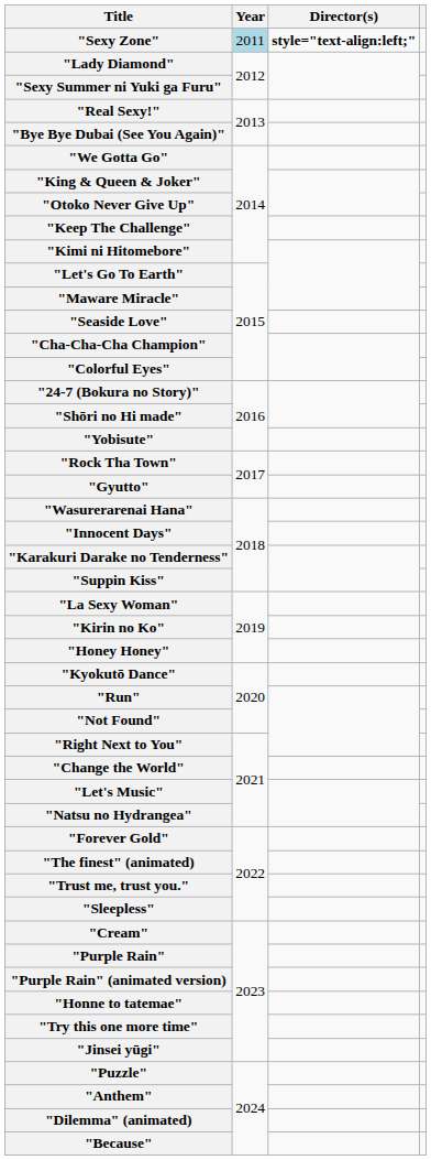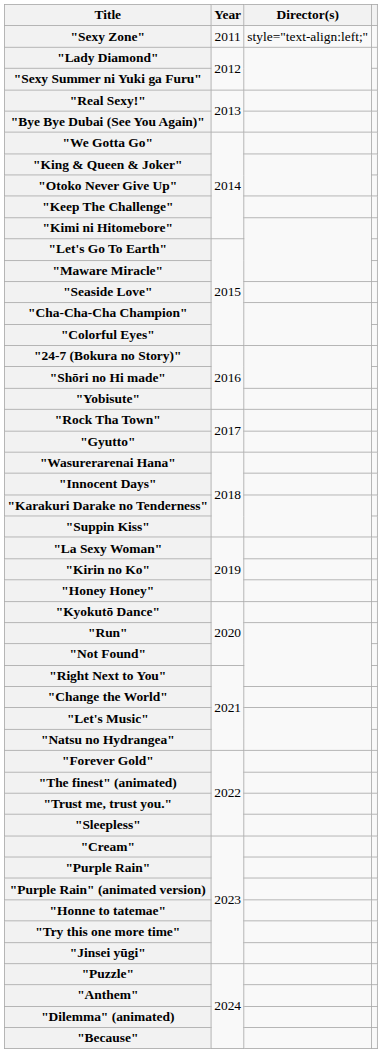 <table class="wikitable plainrowheaders sortable" style="text-align:center;" border="1">
 <tr>
 <th scope="col">Title</th>
 <th scope="col">Year</th>
 <th scope="col">Director(s)</th>
 <th scope="col"></th>
 </tr>
 <tr>
 <th scope="row">"Sexy Zone"</th>
-<td style="background: lightblue; text-align:center;">2011</td>
-<td><strong>style="text-align:left;" </strong></td>
+<td style="text-align:center;">2011</td>
+<td>style="text-align:left;" </td>
 <td></td>
 </tr>
 <tr>
 <th scope="row">"Lady Diamond"</th>
 <td style="text-align:center;" rowspan="2">2012</td>
 <td style="text-align:left;" rowspan="2"></td>
 <td></td>
 </tr>
 <tr>
 <th scope="row">"Sexy Summer ni Yuki ga Furu"</th>
 <td></td>
 </tr>
 <tr>
 <th scope="row">"Real Sexy!"</th>
 <td style="text-align:center;" rowspan="2">2013</td>
 <td style="text-align:left;"></td>
 <td></td>
 </tr>
 <tr>
 <th scope="row">"Bye Bye Dubai (See You Again)"</th>
 <td style="text-align:left;"></td>
 <td></td>
 </tr>
 <tr>
 <th scope="row">"We Gotta Go"</th>
 <td style="text-align:center;" rowspan="5">2014</td>
 <td style="text-align:left;"></td>
 <td></td>
 </tr>
 <tr>
 <th scope="row">"King & Queen & Joker"</th>
 <td style="text-align:left;" rowspan="2"></td>
 <td></td>
 </tr>
 <tr>
 <th scope="row">"Otoko Never Give Up"</th>
 <td></td>
 </tr>
 <tr>
 <th scope="row">"Keep The Challenge"</th>
 <td style="text-align:left;"></td>
 <td></td>
 </tr>
 <tr>
 <th scope="row">"Kimi ni Hitomebore"</th>
 <td style="text-align:left;" rowspan="3"></td>
 <td></td>
 </tr>
 <tr>
 <th scope="row">"Let's Go To Earth"</th>
 <td style="text-align:center;" rowspan="5">2015</td>
 <td></td>
 </tr>
 <tr>
 <th scope="row">"Maware Miracle"</th>
 <td></td>
 </tr>
 <tr>
 <th scope="row">"Seaside Love"</th>
 <td style="text-align:left;"></td>
 <td></td>
 </tr>
 <tr>
 <th scope="row">"Cha-Cha-Cha Champion"</th>
 <td style="text-align:left;" rowspan="2"></td>
 <td></td>
 </tr>
 <tr>
 <th scope="row">"Colorful Eyes"</th>
 <td></td>
 </tr>
 <tr>
 <th scope="row">"24-7 (Bokura no Story)"</th>
 <td style="text-align:center;" rowspan="3">2016</td>
 <td style="text-align:left;" rowspan="2"></td>
 <td></td>
 </tr>
 <tr>
 <th scope="row">"Shōri no Hi made"</th>
 <td></td>
 </tr>
 <tr>
 <th scope="row">"Yobisute"</th>
 <td style="text-align:left;"></td>
 <td></td>
 </tr>
 <tr>
 <th scope="row">"Rock Tha Town"</th>
 <td style="text-align:center;" rowspan="2">2017</td>
 <td style="text-align:left;"></td>
 <td></td>
 </tr>
 <tr>
 <th scope="row">"Gyutto"</th>
 <td style="text-align:left;"></td>
 <td></td>
 </tr>
 <tr>
 <th scope="row">"Wasurerarenai Hana"</th>
 <td style="text-align:center;" rowspan="4">2018</td>
 <td style="text-align:left;"></td>
 <td></td>
 </tr>
 <tr>
 <th scope="row">"Innocent Days"</th>
 <td style="text-align:left;"></td>
 <td></td>
 </tr>
 <tr>
 <th scope="row">"Karakuri Darake no Tenderness"</th>
 <td style="text-align:left;" rowspan="2"></td>
 <td></td>
 </tr>
 <tr>
 <th scope="row">"Suppin Kiss"</th>
 <td></td>
 </tr>
 <tr>
 <th scope="row">"La Sexy Woman"</th>
 <td style="text-align:center;" rowspan="3">2019</td>
 <td style="text-align:left;"></td>
 <td></td>
 </tr>
 <tr>
 <th scope="row">"Kirin no Ko"</th>
 <td style="text-align:left;"></td>
 <td></td>
 </tr>
 <tr>
 <th scope="row">"Honey Honey"</th>
 <td style="text-align:left;"></td>
 <td></td>
 </tr>
 <tr>
 <th scope="row">"Kyokutō Dance"</th>
 <td style="text-align:center;" rowspan="3">2020</td>
 <td style="text-align:left;"></td>
 <td></td>
 </tr>
 <tr>
 <th scope="row">"Run"</th>
 <td style="text-align:left;" rowspan="3"></td>
 <td></td>
 </tr>
 <tr>
 <th scope="row">"Not Found"</th>
 <td></td>
 </tr>
 <tr>
 <th scope="row">"Right Next to You"</th>
 <td style="text-align:center;" rowspan="4">2021</td>
 <td></td>
 </tr>
 <tr>
 <th scope="row">"Change the World"</th>
 <td style="text-align:left;"></td>
 <td></td>
 </tr>
 <tr>
 <th scope="row">"Let's Music"</th>
 <td style="text-align:left;" rowspan="2"></td>
 <td></td>
 </tr>
 <tr>
 <th scope="row">"Natsu no Hydrangea"</th>
 <td></td>
 </tr>
 <tr>
 <th scope="row">"Forever Gold"</th>
 <td style="text-align:center;" rowspan="4">2022</td>
 <td></td>
 <td></td>
 </tr>
 <tr>
 <th scope="row">"The finest" (animated)</th>
 <td></td>
 <td></td>
 </tr>
 <tr>
 <th scope="row">"Trust me, trust you."</th>
 <td></td>
 <td></td>
 </tr>
 <tr>
 <th scope="row">"Sleepless"</th>
 <td></td>
 <td></td>
 </tr>
 <tr>
 <th scope="row">"Cream"</th>
 <td style="text-align:center;" rowspan="6">2023</td>
 <td style="text-align:left;"></td>
 <td></td>
 </tr>
 <tr>
 <th scope="row">"Purple Rain"</th>
 <td></td>
 <td></td>
 </tr>
 <tr>
 <th scope="row">"Purple Rain" (animated version)</th>
 <td></td>
 <td></td>
 </tr>
 <tr>
 <th scope="row">"Honne to tatemae"</th>
 <td></td>
 <td></td>
 </tr>
 <tr>
 <th scope="row">"Try this one more time"</th>
 <td></td>
 <td></td>
 </tr>
 <tr>
 <th scope="row">"Jinsei yūgi"</th>
 <td></td>
 <td></td>
 </tr>
 <tr>
 <th scope="row">"Puzzle"</th>
 <td style="text-align:center;" rowspan="4">2024</td>
 <td></td>
 <td></td>
 </tr>
 <tr>
 <th scope="row">"Anthem"</th>
 <td></td>
 <td></td>
 </tr>
 <tr>
 <th scope="row">"Dilemma" (animated)</th>
 <td></td>
 <td></td>
 </tr>
 <tr>
 <th scope="row">"Because"</th>
 <td></td>
 <td></td>
 </tr>
 </table>
